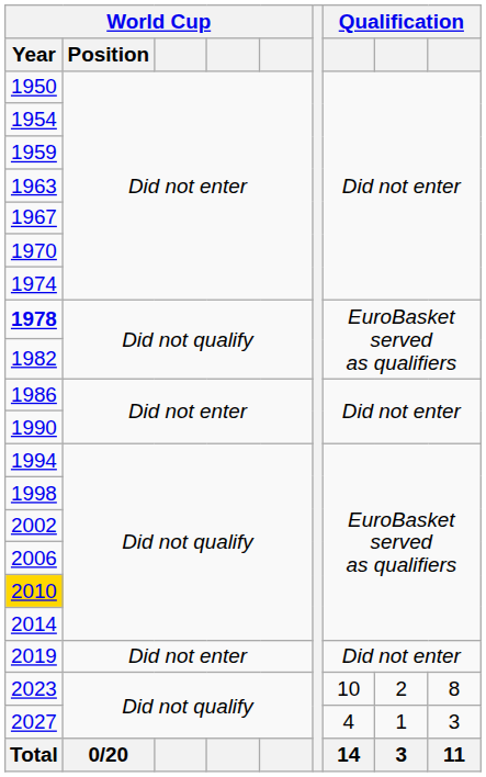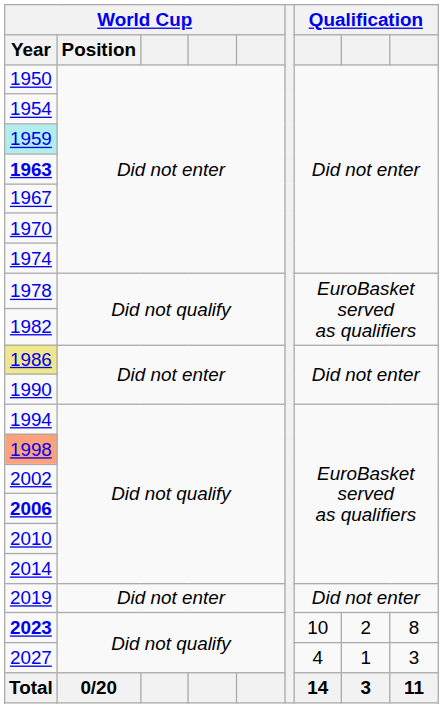 <table class="wikitable" style="text-align: center;font-size:90%;">
 <tr>
 <th colspan=5><a href='#'>World Cup</a></th>
 <th rowspan=23></th>
 <th colspan=3><a href='#'>Qualification</a></th>
 </tr>
 <tr>
 <th>Year</th>
 <th>Position</th>
 <th width=30></th>
 <th width=30></th>
 <th width=30></th>
 <th width=30></th>
 <th width=30></th>
 <th width=30></th>
 </tr>
 <tr>
 <td> <a href='#'>1950</a></td>
 <td colspan=4 rowspan=7><em>Did not enter</em></td>
 <td colspan=3 rowspan=7><em>Did not enter</em></td>
 </tr>
 <tr>
 <td> <a href='#'>1954</a></td>
 </tr>
 <tr>
-<td> <a href='#'>1959</a></td>
+<td style="background: paleturquoise;"> <a href='#'>1959</a></td>
 </tr>
 <tr>
-<td> <a href='#'>1963</a></td>
+<td><strong> <a href='#'>1963</a></strong></td>
 </tr>
 <tr>
 <td> <a href='#'>1967</a></td>
 </tr>
 <tr>
 <td> <a href='#'>1970</a></td>
 </tr>
 <tr>
 <td> <a href='#'>1974</a></td>
 </tr>
 <tr>
-<td><strong> <a href='#'>1978</a></strong></td>
+<td> <a href='#'>1978</a></td>
 <td colspan=4 rowspan=2><em>Did not qualify</em></td>
 <td colspan=3 rowspan=2><em>EuroBasket served<br>as qualifiers</em></td>
 </tr>
 <tr>
 <td> <a href='#'>1982</a></td>
 </tr>
 <tr>
-<td> <a href='#'>1986</a></td>
+<td style="background: khaki;"> <a href='#'>1986</a></td>
 <td colspan=4 rowspan=2><em>Did not enter</em></td>
 <td colspan=3 rowspan=2><em>Did not enter</em></td>
 </tr>
 <tr>
 <td> <a href='#'>1990</a></td>
 </tr>
 <tr>
 <td> <a href='#'>1994</a></td>
 <td colspan=4 rowspan=6><em>Did not qualify</em></td>
 <td colspan=3 rowspan=6><em>EuroBasket served<br>as qualifiers</em></td>
 </tr>
 <tr>
-<td> <a href='#'>1998</a></td>
+<td style="background: lightsalmon;"> <a href='#'>1998</a></td>
 </tr>
 <tr>
 <td> <a href='#'>2002</a></td>
 </tr>
 <tr>
-<td> <a href='#'>2006</a></td>
+<td><strong> <a href='#'>2006</a></strong></td>
 </tr>
 <tr>
-<td style="background: gold;"> <a href='#'>2010</a></td>
+<td> <a href='#'>2010</a></td>
 </tr>
 <tr>
 <td> <a href='#'>2014</a></td>
 </tr>
 <tr>
 <td> <a href='#'>2019</a></td>
 <td colspan=4><em>Did not enter</em></td>
 <td colspan=3><em>Did not enter</em></td>
 </tr>
 <tr>
-<td> <a href='#'>2023</a></td>
+<td><strong> <a href='#'>2023</a></strong></td>
 <td colspan=4 rowspan=2><em>Did not qualify</em></td>
 <td>10</td>
 <td>2</td>
 <td>8</td>
 </tr>
 <tr>
 <td> <a href='#'>2027</a></td>
 <td>4</td>
 <td>1</td>
 <td>3</td>
 </tr>
 <tr>
 <th>Total</th>
 <th>0/20</th>
 <th></th>
 <th></th>
 <th></th>
 <th>14</th>
 <th>3</th>
 <th>11</th>
 </tr>
 </table>
